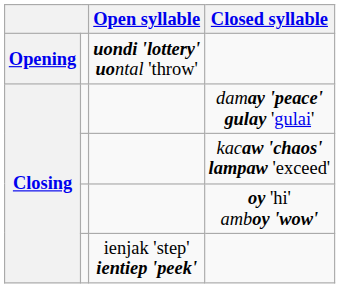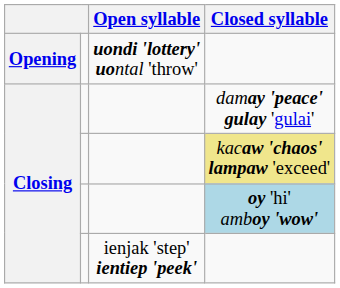 <table class="wikitable" style="text-align:center;">
 <tr>
 <th colspan="2"></th>
 <th><a href='#'>Open syllable</a></th>
 <th><a href='#'>Closed syllable</a></th>
 </tr>
 <tr>
 <th><a href='#'>Opening</a></th>
 <td></td>
 <td><strong><em>uo<strong>ndi<em> 'lottery'<br></em></strong>uo</strong>ntal</em> 'throw'</td>
 <td></td>
 </tr>
 <tr>
 <th rowspan="4"><a href='#'>Closing</a></th>
 <td></td>
 <td></td>
 <td><em>dam<strong>ay<strong><em> 'peace'<br></em>gul</strong>ay</em></strong> '<a href='#'>gulai</a>'</td>
 </tr>
 <tr>
 <td></td>
 <td></td>
-<td><em>kac<strong>aw<strong><em> 'chaos'<br></em>lamp</strong>aw</em></strong> 'exceed'</td>
+<td style="background: khaki;"><em>kac<strong>aw<strong><em> 'chaos'<br></em>lamp</strong>aw</em></strong> 'exceed'</td>
 </tr>
 <tr>
 <td></td>
 <td></td>
-<td><strong><em>oy</em></strong> 'hi'<br><em>amb<strong>oy<strong><em> 'wow'</td>
+<td style="background: lightblue;"><strong><em>oy</em></strong> 'hi'<br><em>amb<strong>oy<strong><em> 'wow'</td>
 </tr>
 <tr>
 <td></td>
 <td></em></strong>ie</strong>njak</em> 'step'<br><strong><em>ie<strong>ntiep<em> 'peek'</td>
 <td></td>
 </tr>
 </table>
